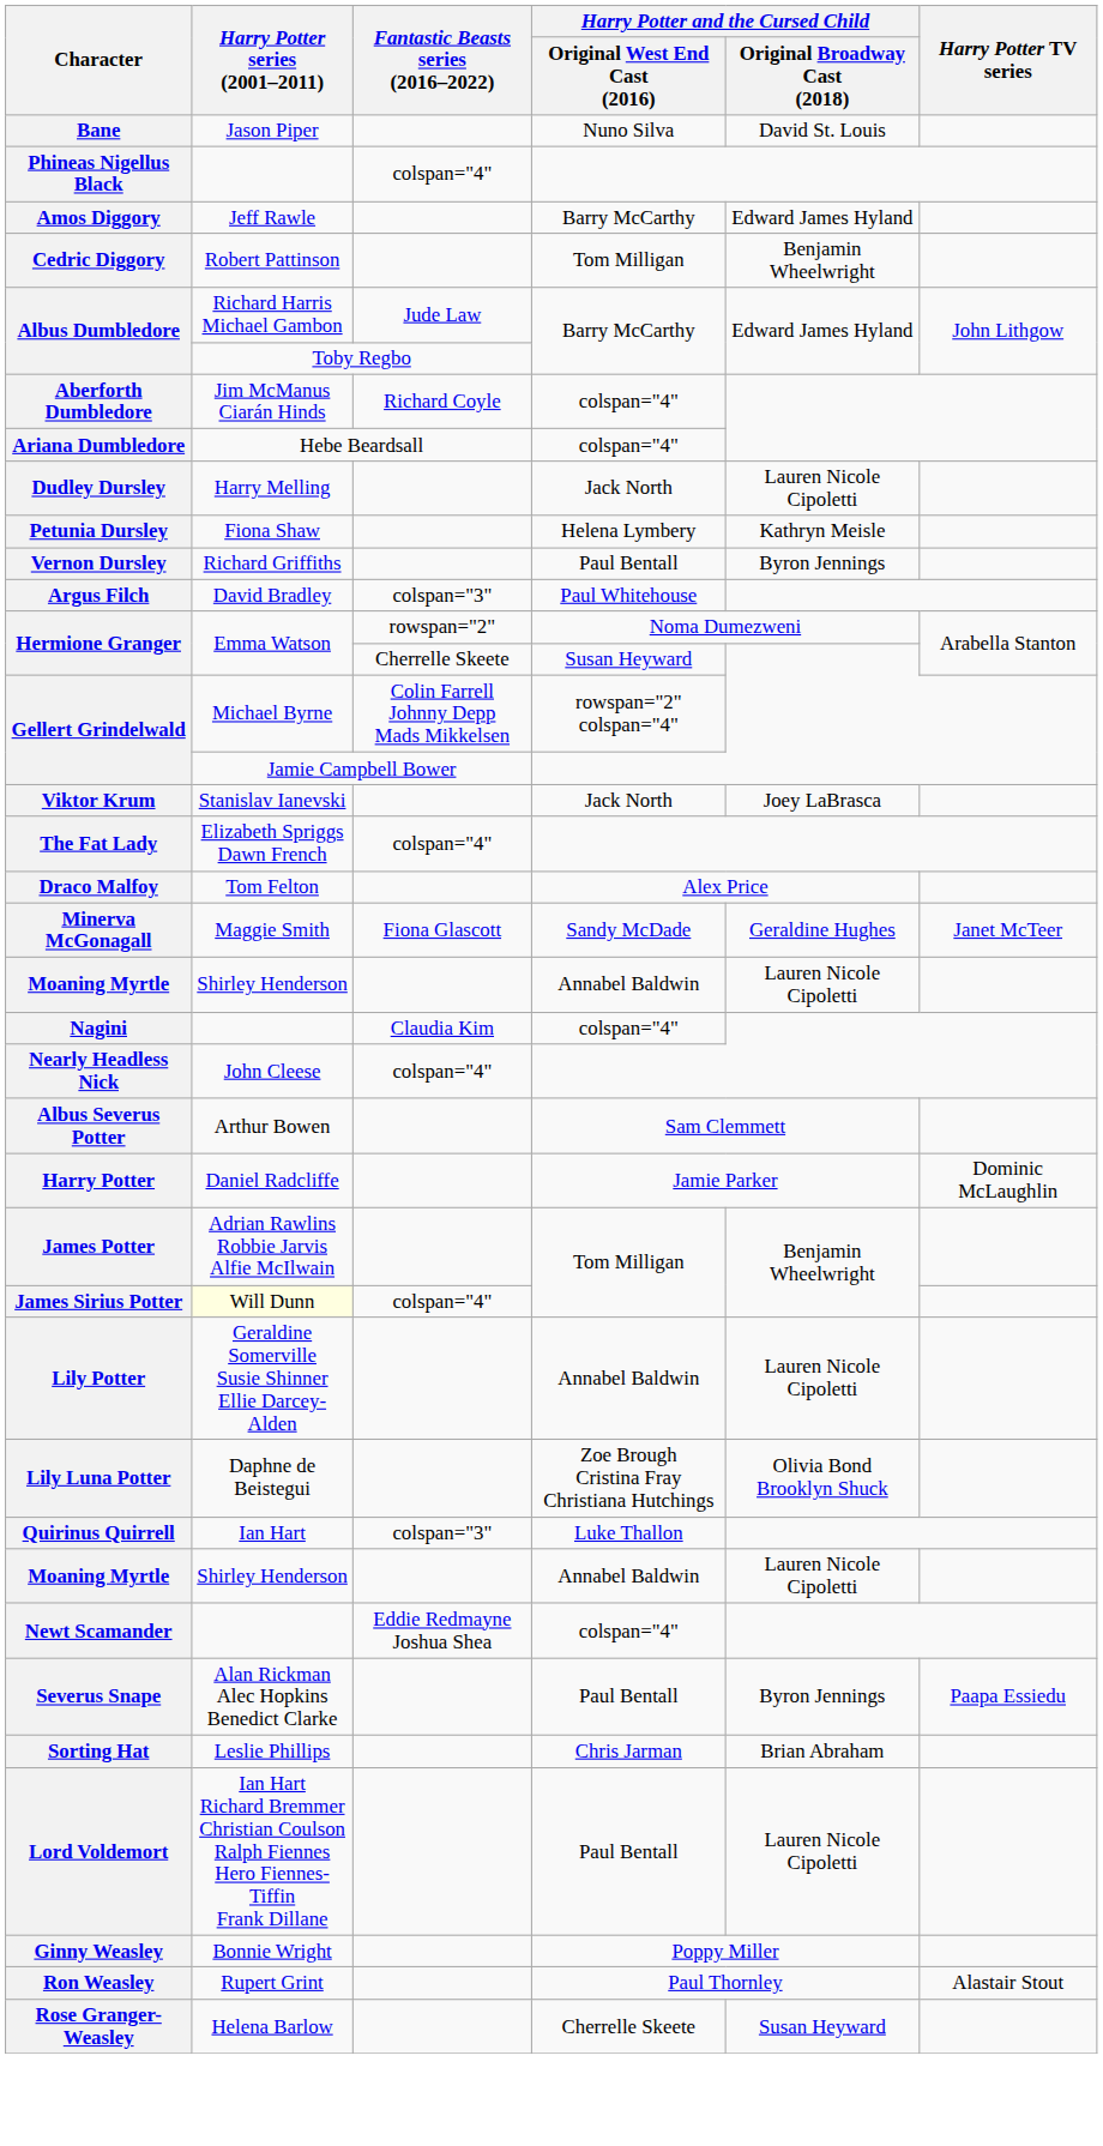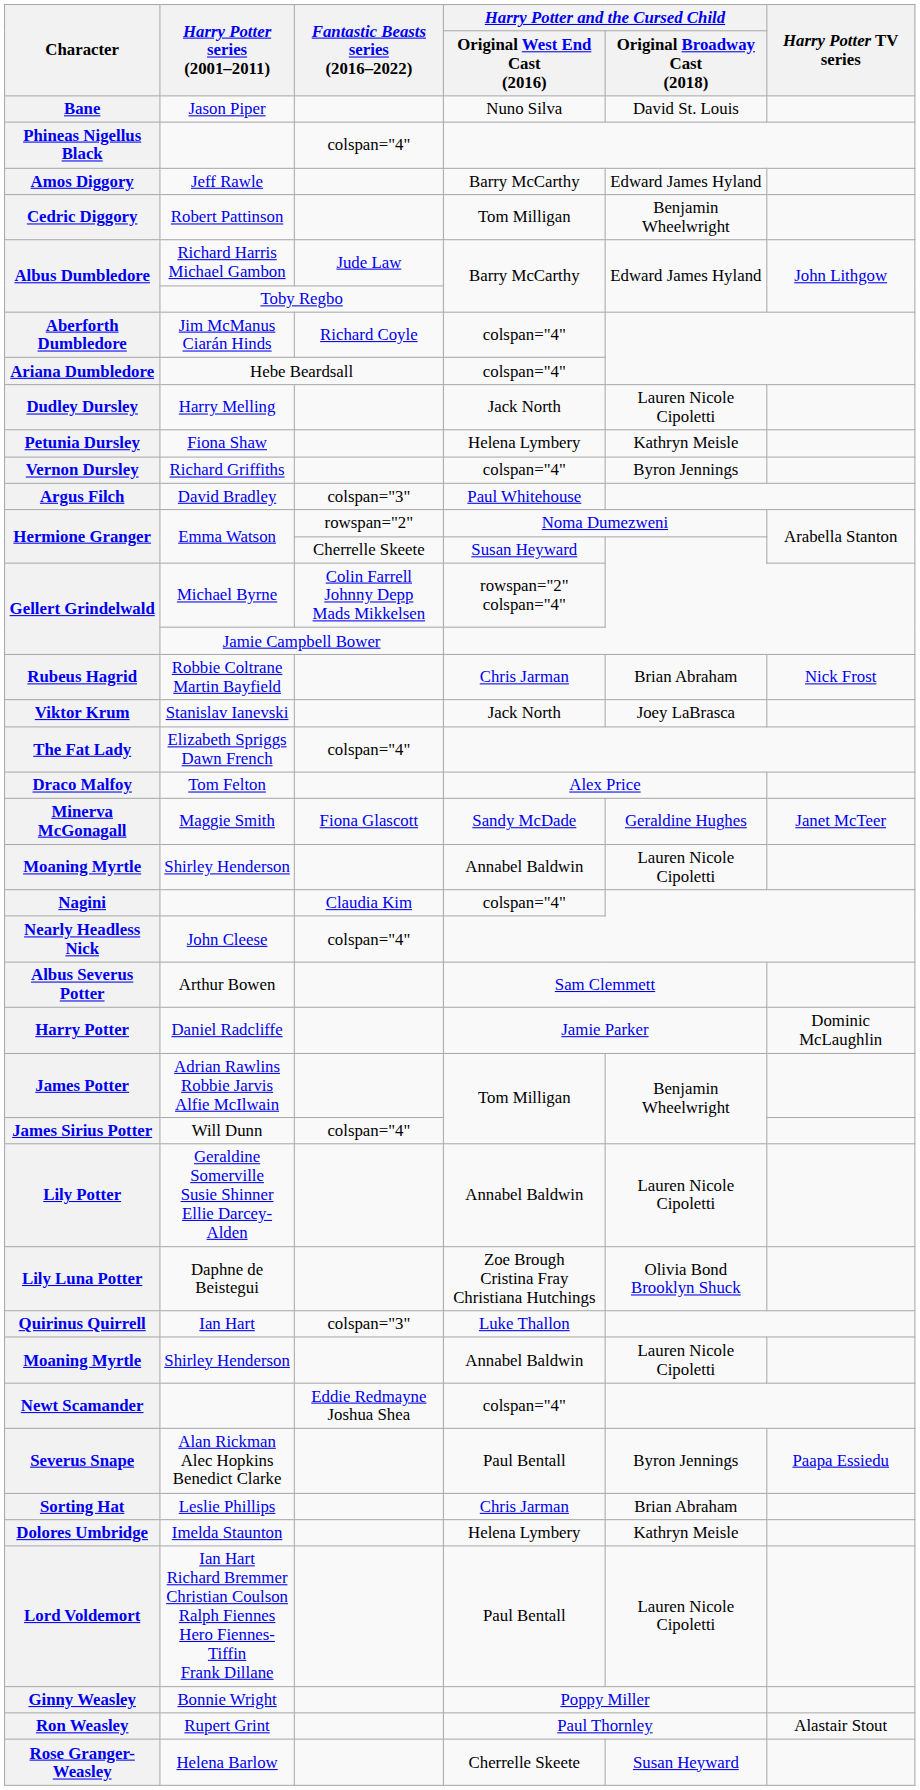 <table class="wikitable" style="text-align:center;">
 <tr>
 <th scope="col" rowspan="2">Character</th>
 <th scope="col" rowspan="2"><a href='#'><em>Harry Potter</em> series</a><br>(2001–2011)</th>
 <th scope="col" rowspan="2"><a href='#'><em>Fantastic Beasts</em> series</a><br>(2016–2022)</th>
 <th scope="col" colspan="2"><em><a href='#'>Harry Potter and the Cursed Child</a></em></th>
 <th scope="col" rowspan="2"><em>Harry Potter</em> TV series</th>
 </tr>
 <tr>
 <th scope="col">Original <a href='#'>West End</a> Cast<br>(2016)</th>
 <th scope="col">Original <a href='#'>Broadway</a> Cast<br>(2018)</th>
 </tr>
 <tr>
 <th scope="row"><a href='#'>Bane</a></th>
 <td><a href='#'>Jason Piper</a></td>
 <td></td>
 <td>Nuno Silva</td>
 <td>David St. Louis</td>
 <td></td>
 </tr>
 <tr>
 <th scope="row"><a href='#'>Phineas Nigellus Black</a></th>
 <td></td>
 <td>colspan="4" </td>
 </tr>
 <tr>
 <th scope="row"><a href='#'>Amos Diggory</a></th>
 <td><a href='#'>Jeff Rawle</a></td>
 <td></td>
 <td>Barry McCarthy</td>
 <td>Edward James Hyland</td>
 <td></td>
 </tr>
 <tr>
 <th scope="row"><a href='#'>Cedric Diggory</a></th>
 <td><a href='#'>Robert Pattinson</a></td>
 <td></td>
 <td>Tom Milligan</td>
 <td>Benjamin Wheelwright</td>
 <td></td>
 </tr>
 <tr>
 <th scope="row" rowspan="2"><a href='#'>Albus Dumbledore</a></th>
 <td><a href='#'>Richard Harris</a><br><a href='#'>Michael Gambon</a></td>
 <td><a href='#'>Jude Law</a></td>
 <td rowspan="2">Barry McCarthy</td>
 <td rowspan="2">Edward James Hyland</td>
 <td rowspan="2"><a href='#'>John Lithgow</a></td>
 </tr>
 <tr>
 <td colspan="2"><a href='#'>Toby Regbo</a></td>
 </tr>
 <tr>
 <th scope="row"><a href='#'>Aberforth Dumbledore</a></th>
 <td><a href='#'>Jim McManus</a><br><a href='#'>Ciarán Hinds</a></td>
 <td><a href='#'>Richard Coyle</a></td>
 <td>colspan="4" </td>
 </tr>
 <tr>
 <th scope="row"><a href='#'>Ariana Dumbledore</a></th>
 <td colspan="2">Hebe Beardsall</td>
 <td>colspan="4" </td>
 </tr>
 <tr>
 <th scope="row"><a href='#'>Dudley Dursley</a></th>
 <td><a href='#'>Harry Melling</a></td>
 <td></td>
 <td>Jack North</td>
 <td>Lauren Nicole Cipoletti</td>
 <td></td>
 </tr>
 <tr>
 <th scope="row"><a href='#'>Petunia Dursley</a></th>
 <td><a href='#'>Fiona Shaw</a></td>
 <td></td>
 <td>Helena Lymbery</td>
 <td>Kathryn Meisle</td>
 <td></td>
 </tr>
 <tr>
 <th scope="row"><a href='#'>Vernon Dursley</a></th>
 <td><a href='#'>Richard Griffiths</a></td>
 <td></td>
-<td>Paul Bentall</td>
+<td>colspan="4" </td>
 <td>Byron Jennings</td>
 <td></td>
 </tr>
 <tr>
 <th scope="row"><a href='#'>Argus Filch</a></th>
 <td><a href='#'>David Bradley</a></td>
 <td>colspan="3" </td>
 <td><a href='#'>Paul Whitehouse</a></td>
 </tr>
 <tr>
 <th scope="row" rowspan="2"><a href='#'>Hermione Granger</a></th>
 <td rowspan="2"><a href='#'>Emma Watson</a></td>
 <td>rowspan="2" </td>
 <td colspan="2"><a href='#'>Noma Dumezweni</a></td>
 <td rowspan="2">Arabella Stanton </td>
 </tr>
 <tr>
 <td>Cherrelle Skeete</td>
 <td><a href='#'>Susan Heyward</a></td>
 </tr>
 <tr>
 <th scope="row" rowspan="2"><a href='#'>Gellert Grindelwald</a></th>
 <td><a href='#'>Michael Byrne</a></td>
 <td><a href='#'>Colin Farrell</a><br><a href='#'>Johnny Depp</a><br><a href='#'>Mads Mikkelsen</a></td>
 <td>rowspan="2" colspan="4" </td>
 </tr>
 <tr>
 <td colspan="2"><a href='#'>Jamie Campbell Bower</a></td>
+</tr>
+<tr>
+<th scope="row"><a href='#'>Rubeus Hagrid</a></th>
+<td><a href='#'>Robbie Coltrane</a><br><a href='#'>Martin Bayfield</a></td>
+<td></td>
+<td><a href='#'>Chris Jarman</a></td>
+<td>Brian Abraham</td>
+<td><a href='#'>Nick Frost</a></td>
 </tr>
 <tr>
 <th scope="row"><a href='#'>Viktor Krum</a></th>
 <td><a href='#'>Stanislav Ianevski</a></td>
 <td></td>
 <td>Jack North</td>
 <td>Joey LaBrasca</td>
 <td></td>
 </tr>
 <tr>
 <th scope="row"><a href='#'>The Fat Lady</a></th>
 <td><a href='#'>Elizabeth Spriggs</a><br><a href='#'>Dawn French</a></td>
 <td>colspan="4" </td>
 </tr>
 <tr>
 <th scope="row"><a href='#'>Draco Malfoy</a></th>
 <td><a href='#'>Tom Felton</a></td>
 <td></td>
 <td colspan="2"><a href='#'>Alex Price</a></td>
 <td></td>
 </tr>
 <tr>
 <th scope="row"><a href='#'>Minerva McGonagall</a></th>
 <td><a href='#'>Maggie Smith</a></td>
 <td><a href='#'>Fiona Glascott</a></td>
 <td><a href='#'>Sandy McDade</a></td>
 <td><a href='#'>Geraldine Hughes</a></td>
 <td><a href='#'>Janet McTeer</a></td>
 </tr>
 <tr>
 <th scope="row"><a href='#'>Moaning Myrtle</a></th>
 <td><a href='#'>Shirley Henderson</a></td>
 <td></td>
 <td>Annabel Baldwin</td>
 <td>Lauren Nicole Cipoletti</td>
 <td></td>
 </tr>
 <tr>
 <th scope="row"><a href='#'>Nagini</a></th>
 <td></td>
 <td><a href='#'>Claudia Kim</a></td>
 <td>colspan="4" </td>
 </tr>
 <tr>
 <th scope="row"><a href='#'>Nearly Headless Nick</a></th>
 <td><a href='#'>John Cleese</a></td>
 <td>colspan="4" </td>
 </tr>
 <tr>
 <th scope="row"><a href='#'>Albus Severus Potter</a></th>
 <td>Arthur Bowen</td>
 <td></td>
 <td colspan="2"><a href='#'>Sam Clemmett</a></td>
 <td></td>
 </tr>
 <tr>
 <th scope="row"><a href='#'>Harry Potter</a></th>
 <td><a href='#'>Daniel Radcliffe</a></td>
 <td></td>
 <td colspan="2"><a href='#'>Jamie Parker</a></td>
 <td>Dominic McLaughlin</td>
 </tr>
 <tr>
 <th scope="row"><a href='#'>James Potter</a></th>
 <td><a href='#'>Adrian Rawlins</a><br><a href='#'>Robbie Jarvis</a><br><a href='#'>Alfie McIlwain</a></td>
 <td></td>
 <td rowspan="2">Tom Milligan</td>
 <td rowspan="2">Benjamin Wheelwright</td>
 <td></td>
 </tr>
 <tr>
 <th scope="row"><a href='#'>James Sirius Potter</a></th>
-<td style="background: lightyellow;">Will Dunn</td>
+<td>Will Dunn</td>
 <td>colspan="4" </td>
 </tr>
 <tr>
 <th scope="row"><a href='#'>Lily Potter</a></th>
 <td><a href='#'>Geraldine Somerville</a><br><a href='#'>Susie Shinner</a><br><a href='#'>Ellie Darcey-Alden</a></td>
 <td></td>
 <td>Annabel Baldwin</td>
 <td>Lauren Nicole Cipoletti</td>
 <td></td>
 </tr>
 <tr>
 <th scope="row"><a href='#'>Lily Luna Potter</a></th>
 <td>Daphne de Beistegui</td>
 <td></td>
 <td>Zoe Brough<br>Cristina Fray<br>Christiana Hutchings</td>
 <td>Olivia Bond<br><a href='#'>Brooklyn Shuck</a></td>
 <td></td>
 </tr>
 <tr>
 <th scope="row"><a href='#'>Quirinus Quirrell</a></th>
 <td><a href='#'>Ian Hart</a></td>
 <td>colspan="3" </td>
 <td><a href='#'>Luke Thallon</a></td>
 </tr>
 <tr>
 <th scope="row"><a href='#'>Moaning Myrtle</a></th>
 <td><a href='#'>Shirley Henderson</a></td>
 <td></td>
 <td>Annabel Baldwin</td>
 <td>Lauren Nicole Cipoletti</td>
 <td></td>
 </tr>
 <tr>
 <th scope="row"><a href='#'>Newt Scamander</a></th>
 <td></td>
 <td><a href='#'>Eddie Redmayne</a><br>Joshua Shea</td>
 <td>colspan="4" </td>
 </tr>
 <tr>
 <th scope="row"><a href='#'>Severus Snape</a></th>
 <td><a href='#'>Alan Rickman</a><br>Alec Hopkins<br>Benedict Clarke</td>
 <td></td>
 <td>Paul Bentall</td>
 <td>Byron Jennings</td>
 <td><a href='#'>Paapa Essiedu</a></td>
 </tr>
 <tr>
 <th scope="row"><a href='#'>Sorting Hat</a></th>
 <td><a href='#'>Leslie Phillips</a></td>
 <td></td>
 <td><a href='#'>Chris Jarman</a></td>
 <td>Brian Abraham</td>
 <td></td>
 </tr>
 <tr>
+<th scope="row"><a href='#'>Dolores Umbridge</a></th>
+<td><a href='#'>Imelda Staunton</a></td>
+<td></td>
+<td>Helena Lymbery</td>
+<td>Kathryn Meisle</td>
+<td></td>
+</tr>
+<tr>
 <th scope="row"><a href='#'>Lord Voldemort<br></a></th>
 <td><a href='#'>Ian Hart</a><br><a href='#'>Richard Bremmer</a><br><a href='#'>Christian Coulson</a><br><a href='#'>Ralph Fiennes</a><br><a href='#'>Hero Fiennes-Tiffin</a><br><a href='#'>Frank Dillane</a></td>
 <td></td>
 <td>Paul Bentall</td>
 <td>Lauren Nicole Cipoletti</td>
 <td></td>
 </tr>
 <tr>
 <th scope="row"><a href='#'>Ginny Weasley</a></th>
 <td><a href='#'>Bonnie Wright</a></td>
 <td></td>
 <td colspan="2"><a href='#'>Poppy Miller</a></td>
 <td></td>
 </tr>
 <tr>
 <th scope="row"><a href='#'>Ron Weasley</a></th>
 <td><a href='#'>Rupert Grint</a></td>
 <td></td>
 <td colspan="2"><a href='#'>Paul Thornley</a></td>
 <td>Alastair Stout</td>
 </tr>
 <tr>
 <th scope="row"><a href='#'>Rose Granger-Weasley</a></th>
 <td><a href='#'>Helena Barlow</a></td>
 <td></td>
 <td>Cherrelle Skeete</td>
 <td><a href='#'>Susan Heyward</a></td>
 <td></td>
 </tr>
 </table>
